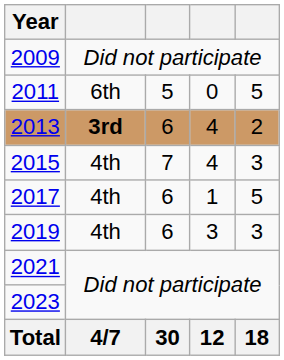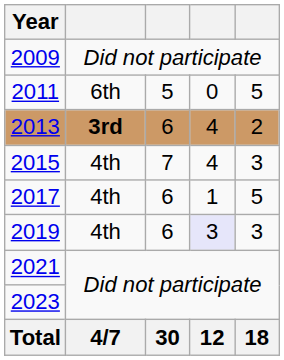 <table class="wikitable" style="text-align: center;">
 <tr>
 <th>Year</th>
 <th width="50"></th>
 <th width=25></th>
 <th width=25></th>
 <th width=25></th>
 </tr>
 <tr>
 <td> <a href='#'>2009</a></td>
 <td colspan=4><em>Did not participate</em></td>
 </tr>
 <tr>
 <td> <a href='#'>2011</a></td>
 <td>6th</td>
 <td>5</td>
 <td>0</td>
 <td>5</td>
 </tr>
 <tr bgcolor=#cc9966>
 <td> <a href='#'>2013</a></td>
 <td><strong>3rd</strong></td>
 <td>6</td>
 <td>4</td>
 <td>2</td>
 </tr>
 <tr>
 <td> <a href='#'>2015</a></td>
 <td>4th</td>
 <td>7</td>
 <td>4</td>
 <td>3</td>
 </tr>
 <tr>
 <td> <a href='#'>2017</a></td>
 <td>4th</td>
 <td>6</td>
 <td>1</td>
 <td>5</td>
 </tr>
 <tr>
 <td> <a href='#'>2019</a></td>
 <td>4th</td>
 <td>6</td>
-<td>3</td>
+<td style="background: lavender;">3</td>
 <td>3</td>
 </tr>
 <tr>
 <td> <a href='#'>2021</a></td>
 <td colspan=4 rowspan=2><em>Did not participate</em></td>
 </tr>
 <tr>
 <td> <a href='#'>2023</a></td>
 </tr>
 <tr>
 <th>Total</th>
 <th>4/7</th>
 <th>30</th>
 <th>12</th>
 <th>18</th>
 </tr>
 </table>
